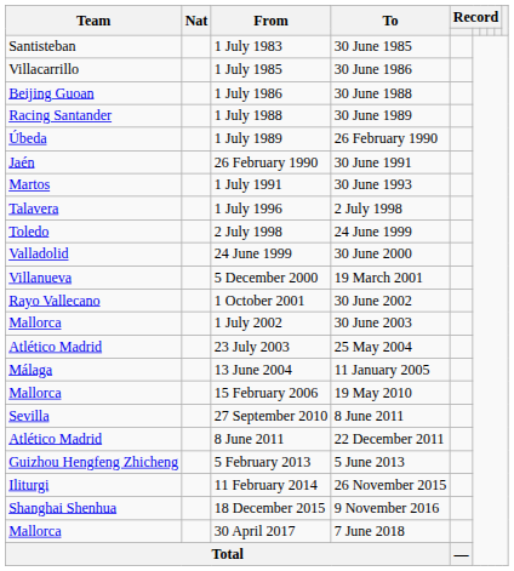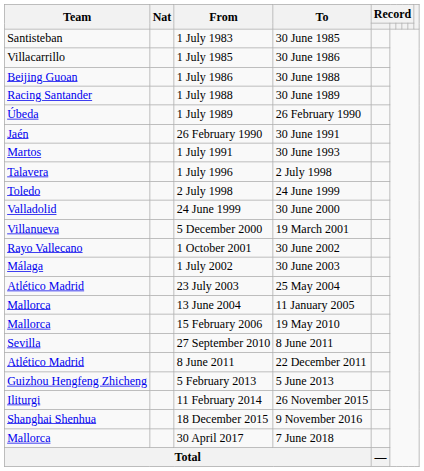 <table class="wikitable" style="text-align: center">
 <tr>
 <th rowspan="2">Team</th>
 <th rowspan="2">Nat</th>
 <th rowspan="2">From</th>
 <th rowspan="2">To</th>
 <th colspan="5">Record</th>
 <th rowspan=2></th>
 </tr>
 <tr>
 <th></th>
 <th></th>
 <th></th>
 <th></th>
 <th></th>
 </tr>
 <tr>
 <td align=left>Santisteban</td>
 <td></td>
 <td align=left>1 July 1983</td>
 <td align=left>30 June 1985<br></td>
 <td></td>
 </tr>
 <tr>
 <td align=left>Villacarrillo</td>
 <td></td>
 <td align=left>1 July 1985</td>
 <td align=left>30 June 1986<br></td>
 <td></td>
 </tr>
 <tr>
 <td align=left><a href='#'>Beijing Guoan</a></td>
 <td></td>
 <td align=left>1 July 1986</td>
 <td align=left>30 June 1988<br></td>
 <td></td>
 </tr>
 <tr>
 <td align=left><a href='#'>Racing Santander</a></td>
 <td></td>
 <td align=left>1 July 1988</td>
 <td align=left>30 June 1989<br></td>
 <td></td>
 </tr>
 <tr>
 <td align=left><a href='#'>Úbeda</a></td>
 <td></td>
 <td align=left>1 July 1989</td>
 <td align=left>26 February 1990<br></td>
 <td></td>
 </tr>
 <tr>
 <td align=left><a href='#'>Jaén</a></td>
 <td></td>
 <td align=left>26 February 1990</td>
 <td align=left>30 June 1991<br></td>
 <td></td>
 </tr>
 <tr>
 <td align=left><a href='#'>Martos</a></td>
 <td></td>
 <td align=left>1 July 1991</td>
 <td align=left>30 June 1993<br></td>
 <td></td>
 </tr>
 <tr>
 <td align=left><a href='#'>Talavera</a></td>
 <td></td>
 <td align=left>1 July 1996</td>
 <td align=left>2 July 1998<br></td>
 <td></td>
 </tr>
 <tr>
 <td align=left><a href='#'>Toledo</a></td>
 <td></td>
 <td align=left>2 July 1998</td>
 <td align=left>24 June 1999<br></td>
 <td></td>
 </tr>
 <tr>
 <td align=left><a href='#'>Valladolid</a></td>
 <td></td>
 <td align=left>24 June 1999</td>
 <td align=left>30 June 2000<br></td>
 <td></td>
 </tr>
 <tr>
 <td align=left><a href='#'>Villanueva</a></td>
 <td></td>
 <td align=left>5 December 2000</td>
 <td align=left>19 March 2001<br></td>
 <td></td>
 </tr>
 <tr>
 <td align=left><a href='#'>Rayo Vallecano</a></td>
 <td></td>
 <td align=left>1 October 2001</td>
 <td align=left>30 June 2002<br></td>
 <td></td>
 </tr>
 <tr>
-<td align=left><a href='#'>Mallorca</a></td>
+<td align=left><a href='#'>Málaga</a></td>
 <td></td>
 <td align=left>1 July 2002</td>
 <td align=left>30 June 2003<br></td>
 <td></td>
 </tr>
 <tr>
 <td align=left><a href='#'>Atlético Madrid</a></td>
 <td></td>
 <td align=left>23 July 2003</td>
 <td align=left>25 May 2004<br></td>
 <td></td>
 </tr>
 <tr>
-<td align=left><a href='#'>Málaga</a></td>
+<td align=left><a href='#'>Mallorca</a></td>
 <td></td>
 <td align=left>13 June 2004</td>
 <td align=left>11 January 2005<br></td>
 <td></td>
 </tr>
 <tr>
 <td align=left><a href='#'>Mallorca</a></td>
 <td></td>
 <td align=left>15 February 2006</td>
 <td align=left>19 May 2010<br></td>
 <td></td>
 </tr>
 <tr>
 <td align=left><a href='#'>Sevilla</a></td>
 <td></td>
 <td align=left>27 September 2010</td>
 <td align=left>8 June 2011<br></td>
 <td></td>
 </tr>
 <tr>
 <td align=left><a href='#'>Atlético Madrid</a></td>
 <td></td>
 <td align=left>8 June 2011</td>
 <td align=left>22 December 2011<br></td>
 <td></td>
 </tr>
 <tr>
 <td align=left><a href='#'>Guizhou Hengfeng Zhicheng</a></td>
 <td></td>
 <td align=left>5 February 2013</td>
 <td align=left>5 June 2013<br></td>
 <td></td>
 </tr>
 <tr>
 <td align=left><a href='#'>Iliturgi</a></td>
 <td></td>
 <td align=left>11 February 2014</td>
 <td align=left>26 November 2015<br></td>
 <td></td>
 </tr>
 <tr>
 <td align=left><a href='#'>Shanghai Shenhua</a></td>
 <td></td>
 <td align=left>18 December 2015</td>
 <td align=left>9 November 2016<br></td>
 <td></td>
 </tr>
 <tr>
 <td align=left><a href='#'>Mallorca</a></td>
 <td></td>
 <td align=left>30 April 2017</td>
 <td align=left>7 June 2018<br></td>
 <td></td>
 </tr>
 <tr>
 <th colspan="4">Total<br></th>
 <th>—</th>
 </tr>
 </table>
